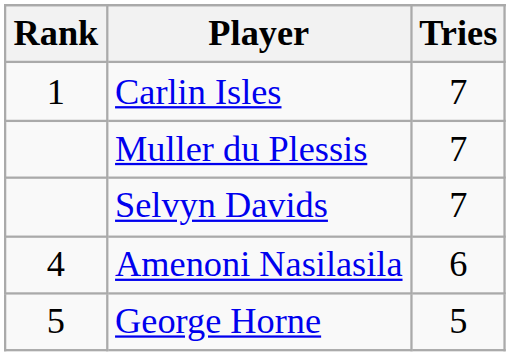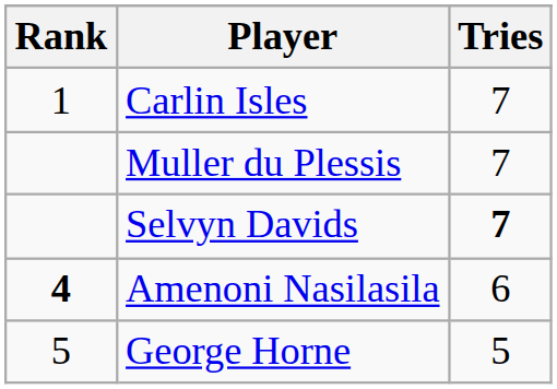 <table class="wikitable sortable">
 <tr>
 </tr>
 <tr>
 <th>Rank</th>
 <th>Player</th>
 <th>Tries</th>
 </tr>
 <tr>
 <td align=center>1</td>
 <td> <a href='#'>Carlin Isles</a></td>
 <td align=center>7</td>
 </tr>
 <tr>
 <td align=center></td>
 <td> <a href='#'>Muller du Plessis</a></td>
 <td align=center>7</td>
 </tr>
 <tr>
 <td align=center></td>
 <td> <a href='#'>Selvyn Davids</a></td>
-<td align=center>7</td>
+<td align=center><strong>7</strong></td>
 </tr>
 <tr>
-<td align=center>4</td>
+<td align=center><strong>4</strong></td>
 <td> <a href='#'>Amenoni Nasilasila</a></td>
 <td align=center>6</td>
 </tr>
 <tr>
 <td align=center>5</td>
 <td> <a href='#'>George Horne</a></td>
 <td align=center>5</td>
 </tr>
 </table>
